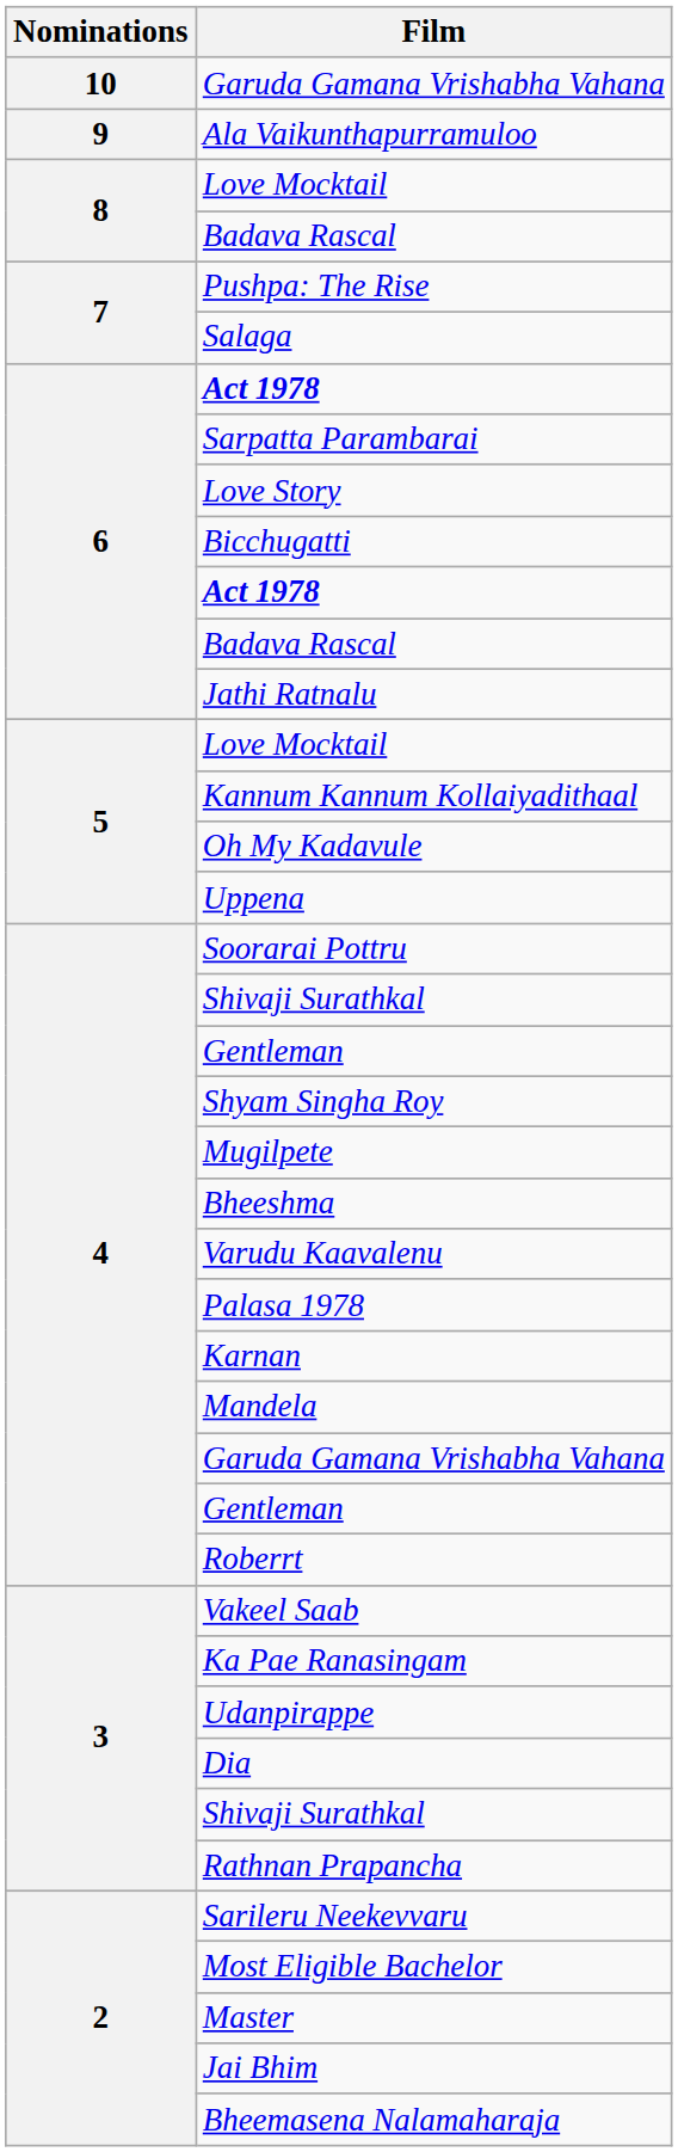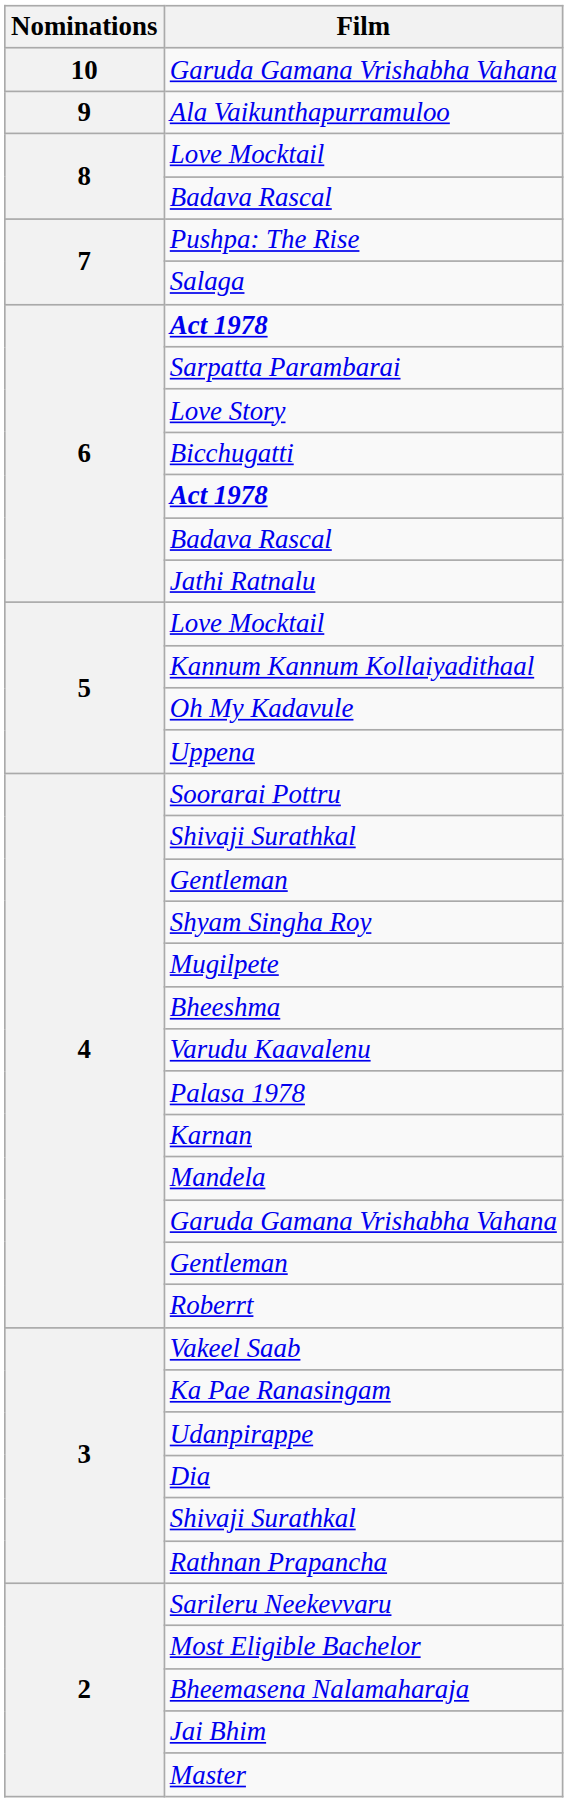 <table class="wikitable" style="display:inline-table;">
 <tr>
 <th>Nominations</th>
 <th>Film</th>
 </tr>
 <tr>
 <th>10</th>
 <td><em><a href='#'>Garuda Gamana Vrishabha Vahana</a></em></td>
 </tr>
 <tr>
 <th>9</th>
 <td><em><a href='#'>Ala Vaikunthapurramuloo</a></em></td>
 </tr>
 <tr>
 <th rowspan="2">8</th>
 <td><em><a href='#'>Love Mocktail</a></em></td>
 </tr>
 <tr>
 <td><em><a href='#'>Badava Rascal</a></em></td>
 </tr>
 <tr>
 <th rowspan="2">7</th>
 <td><em><a href='#'>Pushpa: The Rise</a></em></td>
 </tr>
 <tr>
 <td><em><a href='#'>Salaga</a></em></td>
 </tr>
 <tr>
 <th rowspan="7">6</th>
 <td><strong><em><a href='#'>Act 1978</a></em></strong></td>
 </tr>
 <tr>
 <td><em><a href='#'>Sarpatta Parambarai</a></em></td>
 </tr>
 <tr>
 <td><a href='#'><em>Love Story</em></a></td>
 </tr>
 <tr>
 <td><em><a href='#'>Bicchugatti</a></em></td>
 </tr>
 <tr>
 <td><strong><em><a href='#'>Act 1978</a></em></strong></td>
 </tr>
 <tr>
 <td><em><a href='#'>Badava Rascal</a></em></td>
 </tr>
 <tr>
 <td><em><a href='#'>Jathi Ratnalu</a></em></td>
 </tr>
 <tr>
 <th rowspan="4">5</th>
 <td><em><a href='#'>Love Mocktail</a></em></td>
 </tr>
 <tr>
 <td><em><a href='#'>Kannum Kannum Kollaiyadithaal</a></em></td>
 </tr>
 <tr>
 <td><em><a href='#'>Oh My Kadavule</a></em></td>
 </tr>
 <tr>
 <td><em><a href='#'>Uppena</a></em></td>
 </tr>
 <tr>
 <th rowspan="13">4</th>
 <td><em><a href='#'>Soorarai Pottru</a></em></td>
 </tr>
 <tr>
 <td><em><a href='#'>Shivaji Surathkal</a></em></td>
 </tr>
 <tr>
 <td><em><a href='#'>Gentleman</a></em></td>
 </tr>
 <tr>
 <td><em><a href='#'>Shyam Singha Roy</a></em></td>
 </tr>
 <tr>
 <td><em><a href='#'>Mugilpete</a></em></td>
 </tr>
 <tr>
 <td><a href='#'><em>Bheeshma</em></a></td>
 </tr>
 <tr>
 <td><em><a href='#'>Varudu Kaavalenu</a></em></td>
 </tr>
 <tr>
 <td><em><a href='#'>Palasa 1978</a></em></td>
 </tr>
 <tr>
 <td><em><a href='#'>Karnan</a></em></td>
 </tr>
 <tr>
 <td><em><a href='#'>Mandela</a></em></td>
 </tr>
 <tr>
 <td><em><a href='#'>Garuda Gamana Vrishabha Vahana</a></em></td>
 </tr>
 <tr>
 <td><em><a href='#'>Gentleman</a></em></td>
 </tr>
 <tr>
 <td><em><a href='#'>Roberrt</a></em></td>
 </tr>
 <tr>
 <th rowspan="6">3</th>
 <td><em><a href='#'>Vakeel Saab</a></em></td>
 </tr>
 <tr>
 <td><em><a href='#'>Ka Pae Ranasingam</a></em></td>
 </tr>
 <tr>
 <td><em><a href='#'>Udanpirappe</a></em></td>
 </tr>
 <tr>
 <td><em><a href='#'>Dia</a></em></td>
 </tr>
 <tr>
 <td><em><a href='#'>Shivaji Surathkal</a></em></td>
 </tr>
 <tr>
 <td><em><a href='#'>Rathnan Prapancha</a></em></td>
 </tr>
 <tr>
 <th rowspan="5">2</th>
 <td><em><a href='#'>Sarileru Neekevvaru</a></em></td>
 </tr>
 <tr>
 <td><em><a href='#'>Most Eligible Bachelor</a></em></td>
 </tr>
 <tr>
-<td><em><a href='#'>Master</a></em></td>
+<td><em><a href='#'>Bheemasena Nalamaharaja</a></em></td>
 </tr>
 <tr>
 <td><em><a href='#'>Jai Bhim</a></em></td>
 </tr>
 <tr>
-<td><em><a href='#'>Bheemasena Nalamaharaja</a></em></td>
+<td><em><a href='#'>Master</a></em></td>
 </tr>
 </table>
